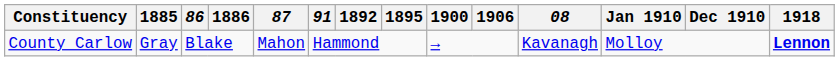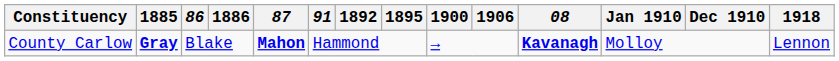 <table class="wikitable">
 <tr>
 <th>Constituency</th>
 <th>1885</th>
 <th><em>86</em></th>
 <th>1886</th>
 <th><em>87</em></th>
 <th><em>91</em></th>
 <th>1892</th>
 <th>1895</th>
 <th>1900</th>
 <th>1906</th>
 <th><em>08</em></th>
 <th>Jan 1910</th>
 <th>Dec 1910</th>
 <th>1918</th>
 </tr>
 <tr>
 <td><a href='#'>County Carlow</a></td>
-<td><a href='#'>Gray</a></td>
+<td><strong><a href='#'>Gray</a></strong></td>
 <td colspan="2"><a href='#'>Blake</a></td>
-<td><a href='#'>Mahon</a></td>
+<td><strong><a href='#'>Mahon</a></strong></td>
 <td colspan="3"><a href='#'>Hammond</a></td>
 <td colspan="2"><a href='#'>→</a></td>
-<td><a href='#'>Kavanagh</a></td>
+<td><strong><a href='#'>Kavanagh</a></strong></td>
 <td colspan="2"><a href='#'>Molloy</a></td>
-<td><strong><a href='#'>Lennon</a></strong></td>
+<td><a href='#'>Lennon</a></td>
 </tr>
 </table>
